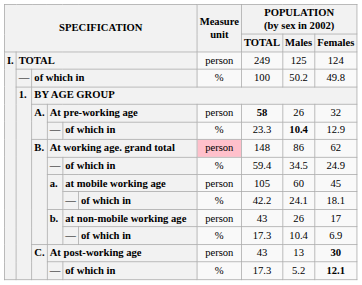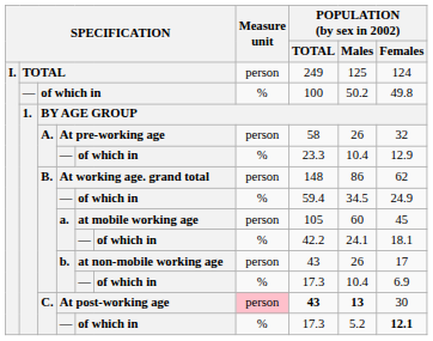 <table class="wikitable" style="font-size:85%; text-align:center">
 <tr>
 <th rowspan="2" colspan="6">SPECIFICATION</th>
 <th rowspan="2">Measure<br> unit</th>
 <th colspan="3" rowspan="1">POPULATION<br> (by sex in 2002)</th>
 </tr>
 <tr>
 <th>TOTAL</th>
 <th>Males</th>
 <th>Females</th>
 </tr>
 <tr>
 <th style="text-align:left" valign="top" rowspan="13">I.</th>
 <th style="text-align:left" colspan="5">TOTAL</th>
 <td>person</td>
 <td>249</td>
 <td>125</td>
 <td>124</td>
 </tr>
 <tr>
 <th style="text-align:left" valign="top">—</th>
 <th style="text-align:left" colspan="4">of which in</th>
 <td>%</td>
 <td>100</td>
 <td>50.2</td>
 <td>49.8</td>
 </tr>
 <tr>
 <th style="text-align:left" valign="top" rowspan="11">1.</th>
 <th style="text-align:left" colspan="19">BY AGE GROUP</th>
 </tr>
 <tr>
 <th style="text-align:left" valign="top" rowspan="2">A.</th>
 <th style="text-align:left" colspan="3">At pre-working age</th>
 <td>person</td>
-<td><strong>58</strong></td>
+<td>58</td>
 <td>26</td>
 <td>32</td>
 </tr>
 <tr>
 <th style="text-align:left" valign="top">—</th>
 <th style="text-align:left" valign="top" colspan="2">of which in</th>
 <td>%</td>
 <td>23.3</td>
-<td><strong>10.4</strong></td>
+<td>10.4</td>
 <td>12.9</td>
 </tr>
 <tr>
 <th style="text-align:left" valign="top" rowspan="6">B.</th>
 <th style="text-align:left" colspan="3">At working age. grand total</th>
-<td style="background: pink;">person</td>
+<td>person</td>
 <td>148</td>
 <td>86</td>
 <td>62</td>
 </tr>
 <tr>
 <th style="text-align:left" valign="top">—</th>
 <th style="text-align:left" valign="top" colspan="2">of which in</th>
 <td>%</td>
 <td>59.4</td>
 <td>34.5</td>
 <td>24.9</td>
 </tr>
 <tr>
 <th style="text-align:left" valign="top" rowspan="2">a.</th>
 <th style="text-align:left" colspan="2">at mobile working age</th>
 <td>person</td>
 <td>105</td>
 <td>60</td>
 <td>45</td>
 </tr>
 <tr>
 <th style="text-align:left" valign="top">—</th>
 <th style="text-align:left" valign="top" colspan="1">of which in                        </th>
 <td>%</td>
 <td>42.2</td>
 <td>24.1</td>
 <td>18.1</td>
 </tr>
 <tr>
 <th style="text-align:left" valign="top" rowspan="2">b.</th>
 <th style="text-align:left" colspan="2">at non-mobile working age</th>
 <td>person</td>
 <td>43</td>
 <td>26</td>
 <td>17</td>
 </tr>
 <tr>
 <th style="text-align:left" valign="top">—</th>
 <th style="text-align:left" valign="top" colspan="1">of which in                        </th>
 <td>%</td>
 <td>17.3</td>
 <td>10.4</td>
 <td>6.9</td>
 </tr>
 <tr>
 <th style="text-align:left" valign="top" rowspan="2">C.</th>
 <th style="text-align:left" colspan="3">At post-working age</th>
-<td>person</td>
-<td>43</td>
-<td>13</td>
-<td><strong>30</strong></td>
+<td style="background: pink;">person</td>
+<td><strong>43</strong></td>
+<td><strong>13</strong></td>
+<td>30</td>
 </tr>
 <tr>
 <th style="text-align:left" valign="top">—</th>
 <th style="text-align:left" valign="top" colspan="2">of which in</th>
 <td>%</td>
 <td>17.3</td>
 <td>5.2</td>
 <td><strong>12.1</strong></td>
 </tr>
 </table>
